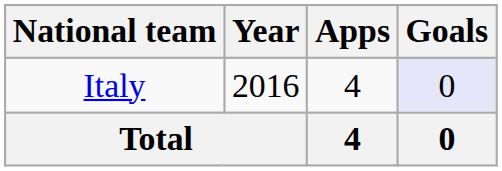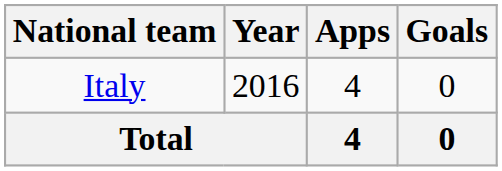 <table class="wikitable" style="text-align:center">
 <tr>
 <th>National team</th>
 <th>Year</th>
 <th>Apps</th>
 <th>Goals</th>
 </tr>
 <tr>
 <td rowspan="1"><a href='#'>Italy</a></td>
 <td>2016</td>
 <td>4</td>
-<td style="background: lavender;">0</td>
+<td>0</td>
 </tr>
 <tr>
 <th colspan="2">Total</th>
 <th>4</th>
 <th>0</th>
 </tr>
 </table>
